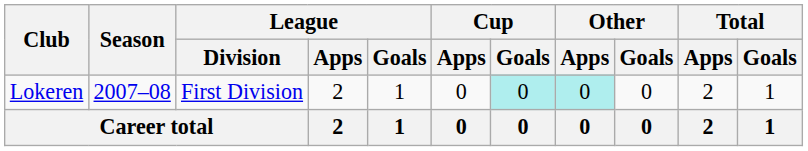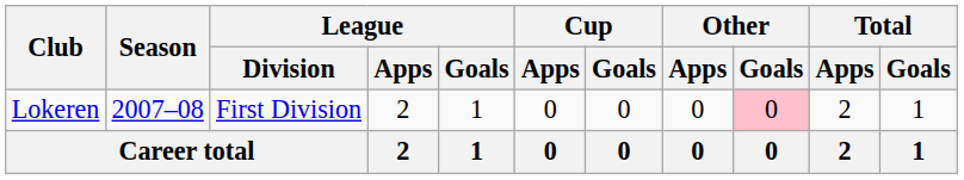 <table class="wikitable" style="text-align: center">
 <tr>
 <th rowspan="2">Club</th>
 <th rowspan="2">Season</th>
 <th colspan="3">League</th>
 <th colspan="2">Cup</th>
 <th colspan="2">Other</th>
 <th colspan="2">Total</th>
 </tr>
 <tr>
 <th>Division</th>
 <th>Apps</th>
 <th>Goals</th>
 <th>Apps</th>
 <th>Goals</th>
 <th>Apps</th>
 <th>Goals</th>
 <th>Apps</th>
 <th>Goals</th>
 </tr>
 <tr>
 <td><a href='#'>Lokeren</a></td>
 <td><a href='#'>2007–08</a></td>
 <td><a href='#'>First Division</a></td>
 <td>2</td>
 <td>1</td>
 <td>0</td>
-<td style="background: paleturquoise;">0</td>
-<td style="background: paleturquoise;">0</td>
 <td>0</td>
+<td>0</td>
+<td style="background: pink;">0</td>
 <td>2</td>
 <td>1</td>
 </tr>
 <tr>
 <th colspan="3">Career total</th>
 <th>2</th>
 <th>1</th>
 <th>0</th>
 <th>0</th>
 <th>0</th>
 <th>0</th>
 <th>2</th>
 <th>1</th>
 </tr>
 </table>
